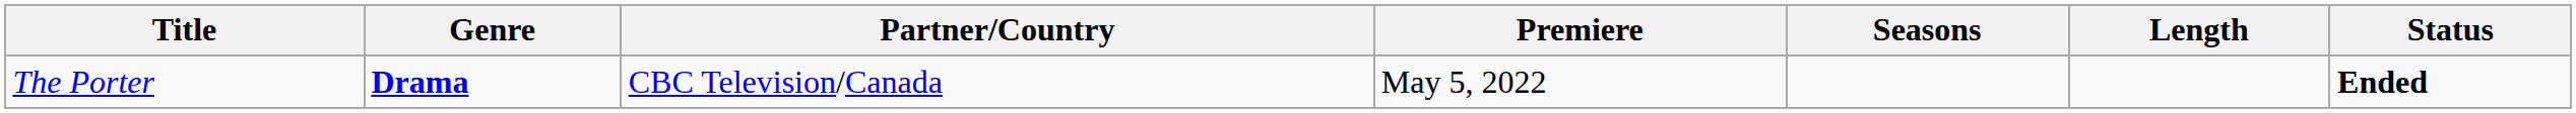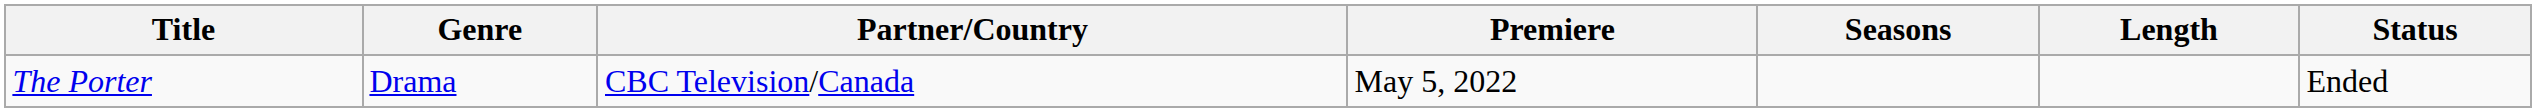 <table class="wikitable sortable" style="width:100%;">
 <tr>
 <th>Title</th>
 <th>Genre</th>
 <th>Partner/Country</th>
 <th>Premiere</th>
 <th>Seasons</th>
 <th>Length</th>
 <th>Status</th>
 </tr>
 <tr>
 <td><em><a href='#'>The Porter</a></em></td>
-<td><strong><a href='#'>Drama</a></strong></td>
+<td><a href='#'>Drama</a></td>
 <td><a href='#'>CBC Television</a>/<a href='#'>Canada</a></td>
 <td>May 5, 2022</td>
 <td></td>
 <td></td>
-<td><strong>Ended</strong></td>
+<td>Ended</td>
 </tr>
 <tr>
 </tr>
 </table>
